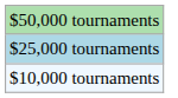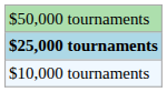 <table class="wikitable" style="font-size:85%">
 <tr style="background:#addfad;">
 <td>$50,000 tournaments</td>
 </tr>
 <tr style="background:lightblue;">
-<td>$25,000 tournaments</td>
+<td><strong>$25,000 tournaments</strong></td>
 </tr>
 <tr style="background:#f0f8ff;">
 <td>$10,000 tournaments</td>
 </tr>
 </table>
